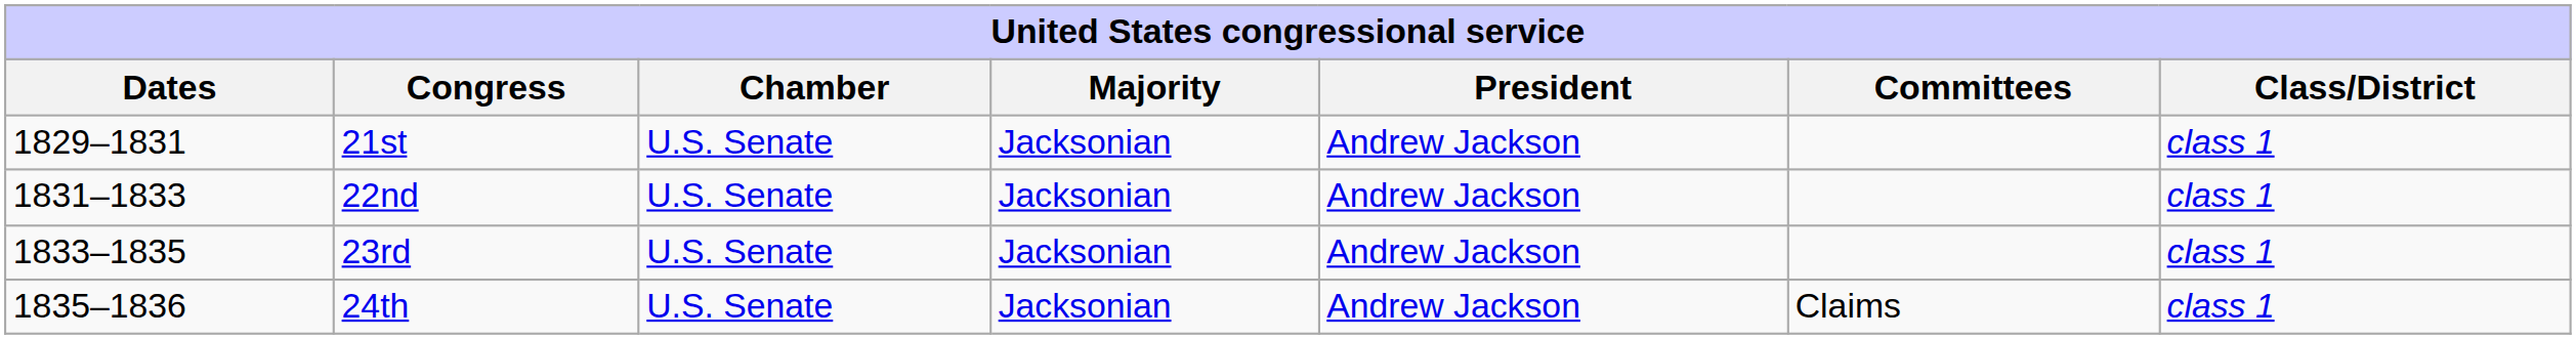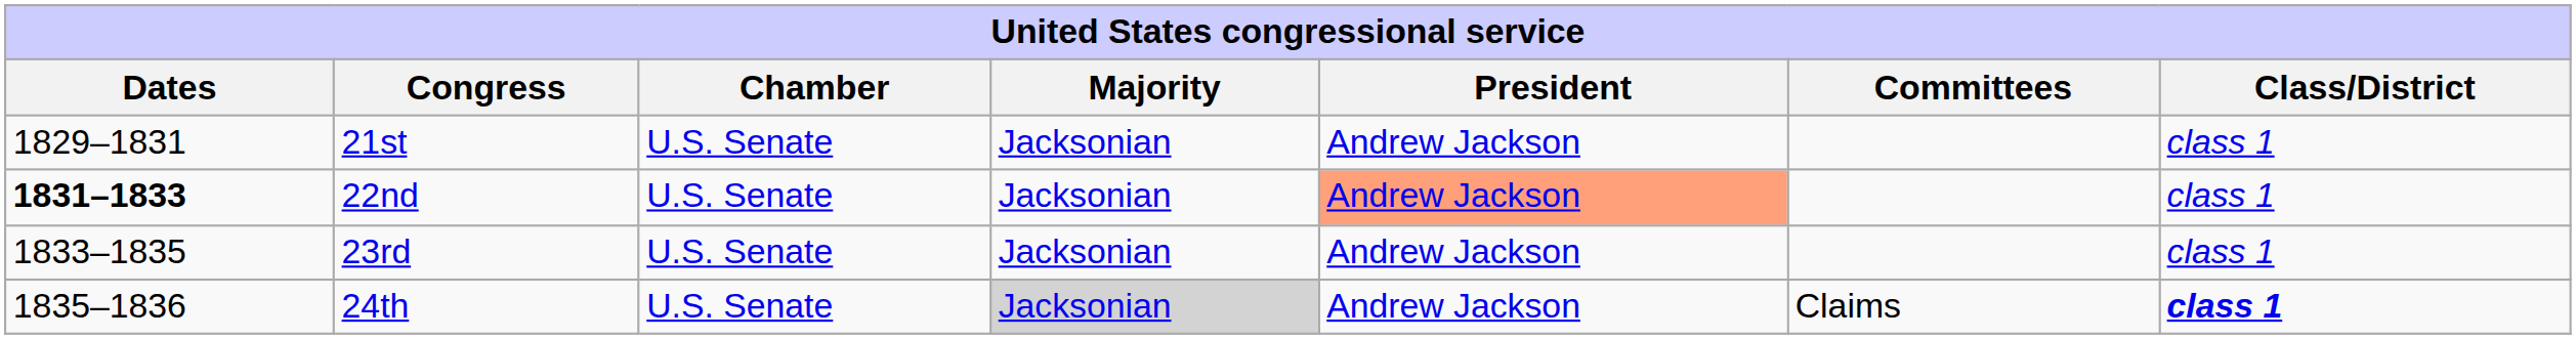 <table class=wikitable style="width: 94%" style="text-align: center;" align="center">
 <tr bgcolor=#cccccc>
 <th colspan=7 style="background: #ccccff;">United States congressional service</th>
 </tr>
 <tr>
 <th><strong>Dates</strong></th>
 <th><strong>Congress</strong></th>
 <th><strong>Chamber</strong></th>
 <th><strong>Majority</strong></th>
 <th><strong>President</strong></th>
 <th><strong>Committees</strong></th>
 <th><strong>Class/District</strong></th>
 </tr>
 <tr>
 <td>1829–1831</td>
 <td><a href='#'>21st</a></td>
 <td><a href='#'>U.S. Senate</a></td>
 <td><a href='#'>Jacksonian</a></td>
 <td><a href='#'>Andrew Jackson</a></td>
 <td></td>
 <td><a href='#'><em>class 1</em></a></td>
 </tr>
 <tr>
-<td>1831–1833</td>
+<td><strong>1831–1833</strong></td>
 <td><a href='#'>22nd</a></td>
 <td><a href='#'>U.S. Senate</a></td>
 <td><a href='#'>Jacksonian</a></td>
-<td><a href='#'>Andrew Jackson</a></td>
+<td style="background: lightsalmon;"><a href='#'>Andrew Jackson</a></td>
 <td></td>
 <td><a href='#'><em>class 1</em></a></td>
 </tr>
 <tr>
 <td>1833–1835</td>
 <td><a href='#'>23rd</a></td>
 <td><a href='#'>U.S. Senate</a></td>
 <td><a href='#'>Jacksonian</a></td>
 <td><a href='#'>Andrew Jackson</a></td>
 <td></td>
 <td><a href='#'><em>class 1</em></a></td>
 </tr>
 <tr>
 <td>1835–1836</td>
 <td><a href='#'>24th</a></td>
 <td><a href='#'>U.S. Senate</a></td>
-<td><a href='#'>Jacksonian</a></td>
+<td style="background: lightgrey;"><a href='#'>Jacksonian</a></td>
 <td><a href='#'>Andrew Jackson</a></td>
 <td>Claims</td>
-<td><a href='#'><em>class 1</em></a></td>
+<td><strong><a href='#'><em>class 1</em></a></strong></td>
 </tr>
 </table>
